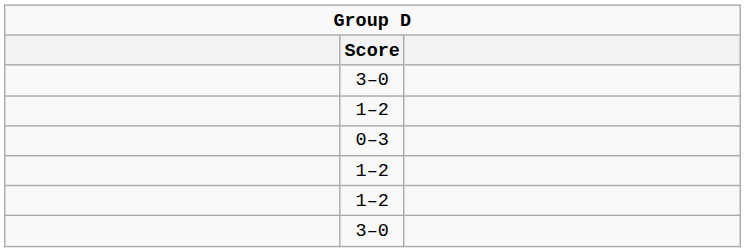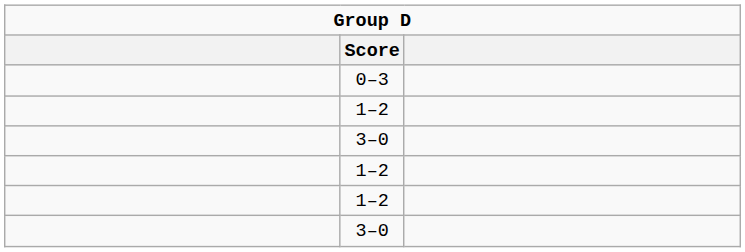 <table class="wikitable" style="text-align: center; display: inline-table;">
 <tr>
 <td colspan="3"><strong>Group D</strong></td>
 </tr>
 <tr>
 <th scope="col" style="width: 230px;"></th>
 <th scope="col" style="width: 30px;">Score</th>
 <th scope="col" style="width: 230px;"></th>
 </tr>
 <tr>
 <td></td>
-<td>3–0</td>
+<td>0–3</td>
 <td></td>
 </tr>
 <tr>
 <td></td>
 <td>1–2</td>
 <td></td>
 </tr>
 <tr>
 <td></td>
-<td>0–3</td>
+<td>3–0</td>
 <td></td>
 </tr>
 <tr>
 <td></td>
 <td>1–2</td>
 <td></td>
 </tr>
 <tr>
 <td></td>
 <td>1–2</td>
 <td></td>
 </tr>
 <tr>
 <td></td>
 <td>3–0</td>
 <td></td>
 </tr>
 </table>
